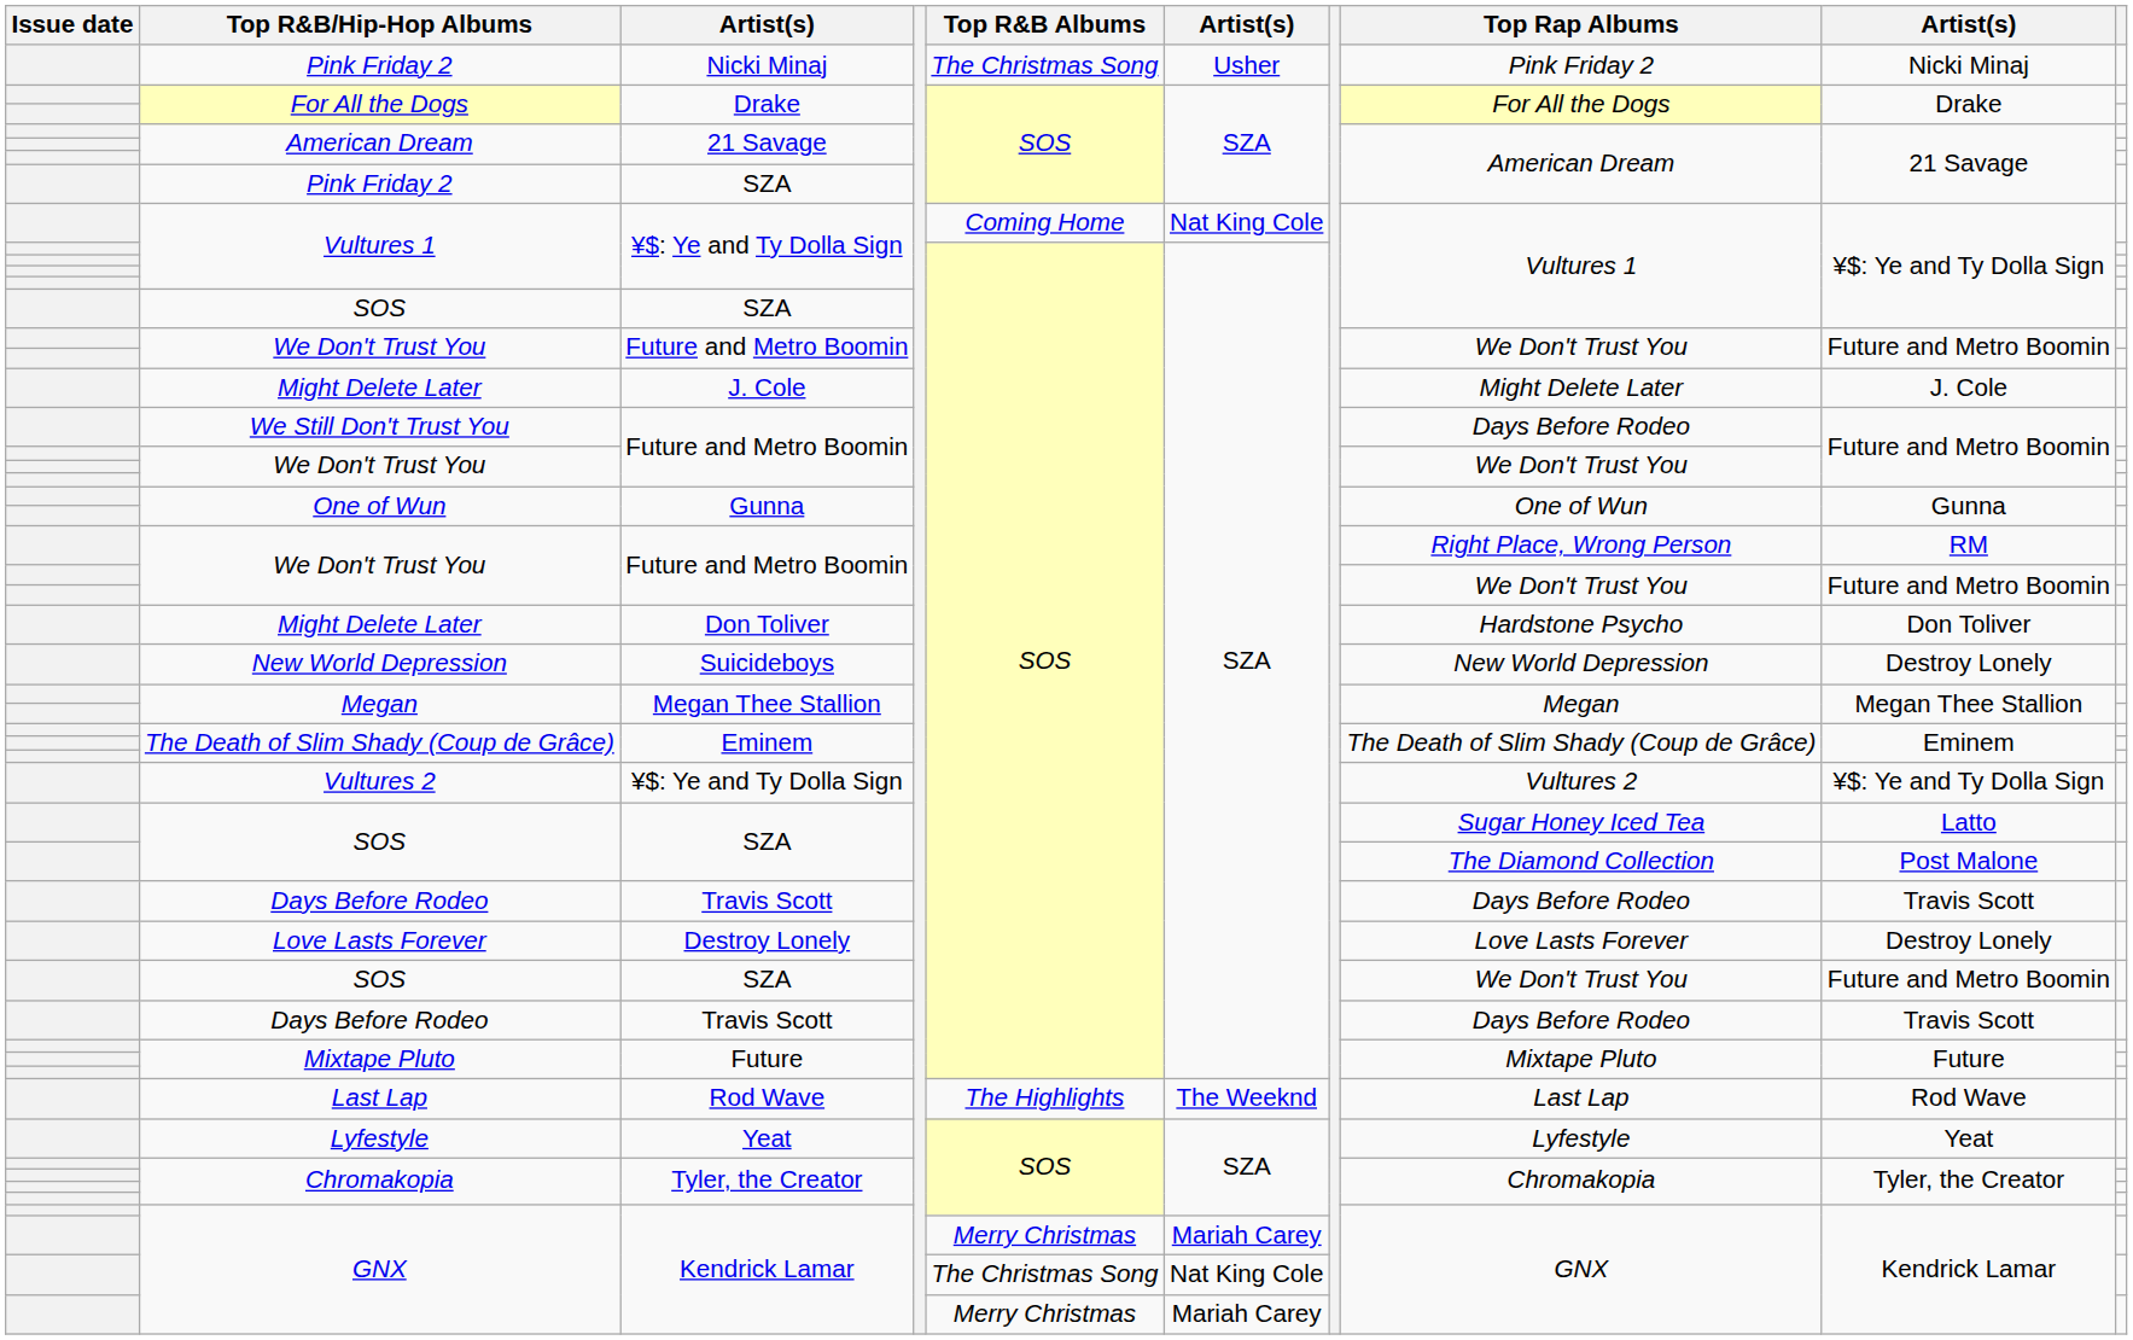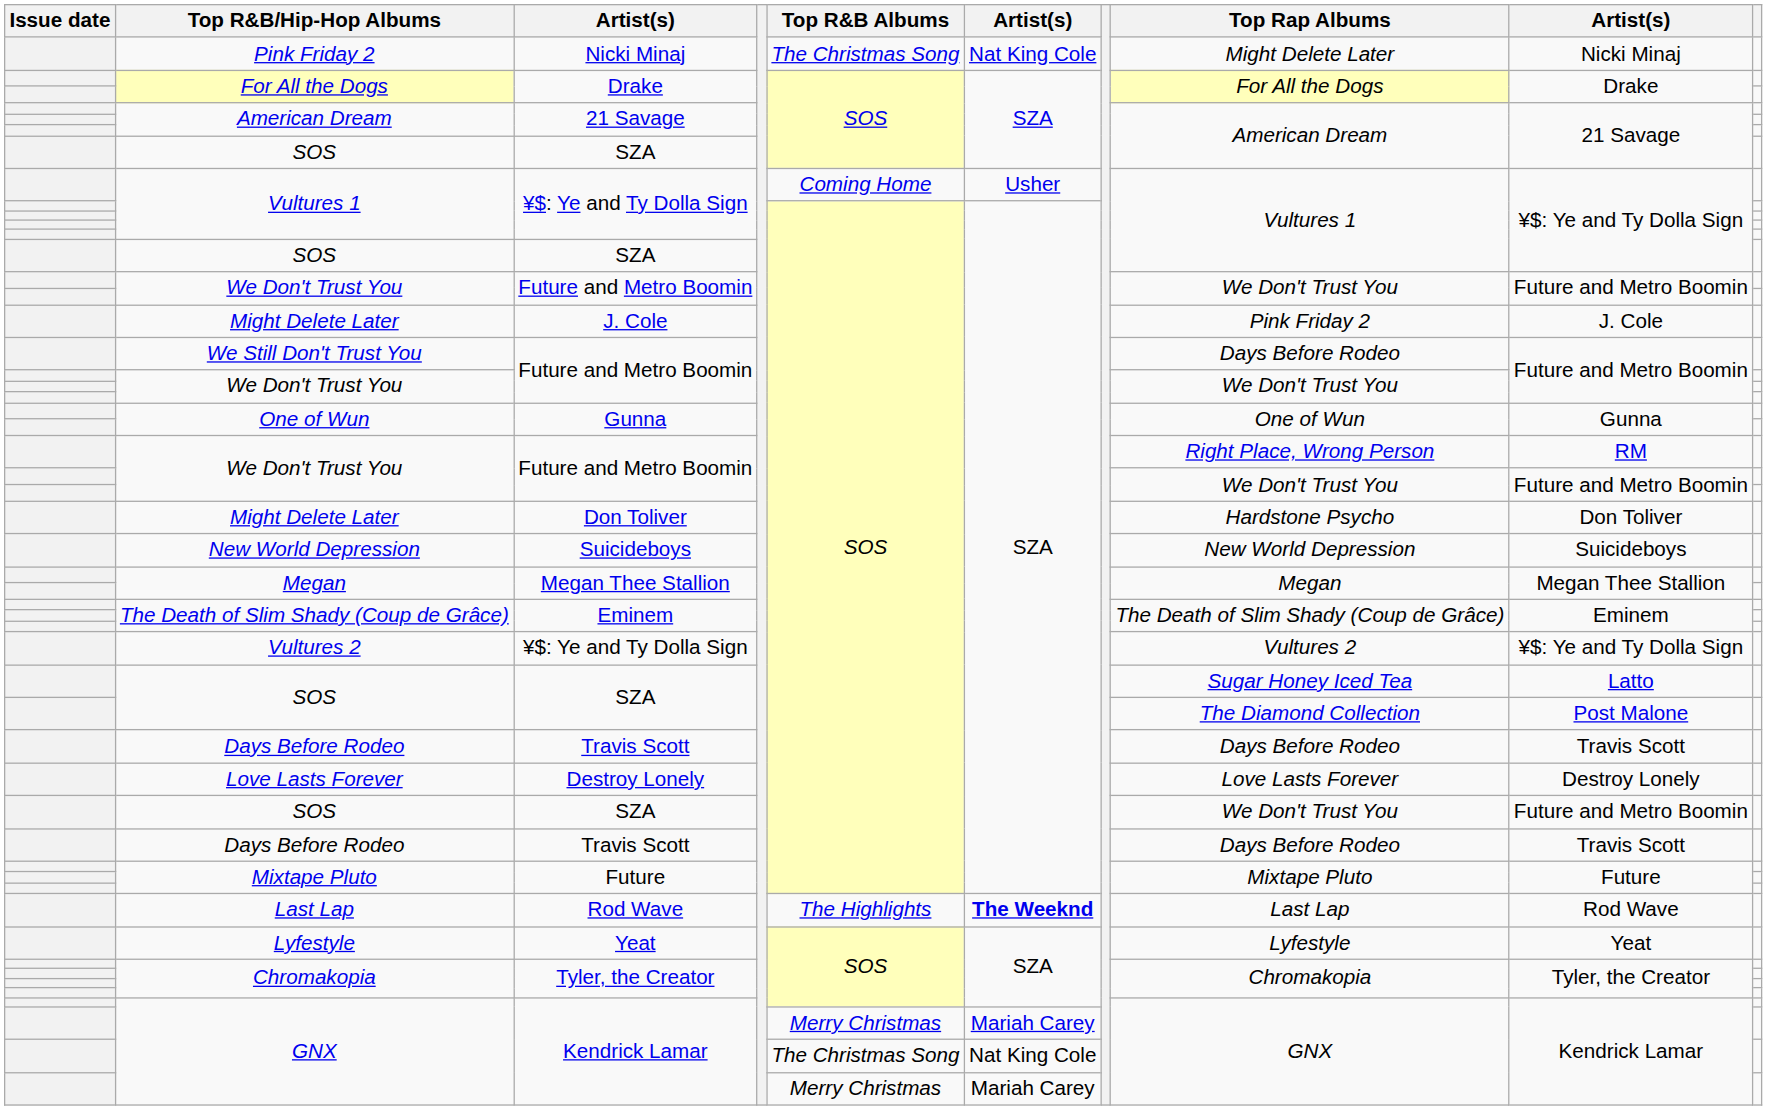 <table class="wikitable plainrowheaders" style="text-align:center;">
 <tr>
 <th scope="col">Issue date</th>
 <th scope="col">Top R&B/Hip-Hop Albums</th>
 <th scope="col">Artist(s)</th>
 <th rowspan="55"></th>
 <th scope="col">Top R&B Albums</th>
 <th scope="col">Artist(s)</th>
 <th rowspan="55"></th>
 <th scope="col">Top Rap Albums</th>
 <th scope="col">Artist(s)</th>
 <th scope="col"></th>
 </tr>
 <tr>
 <th scope="row"></th>
 <td><em><a href='#'>Pink Friday 2</a></em></td>
 <td><a href='#'>Nicki Minaj</a></td>
 <td><em><a href='#'>The Christmas Song</a></em></td>
-<td><a href='#'>Usher</a></td>
-<td><em>Pink Friday 2</em></td>
+<td><a href='#'>Nat King Cole</a></td>
+<td><em>Might Delete Later</em></td>
 <td>Nicki Minaj</td>
 <td></td>
 </tr>
 <tr>
 <th scope="row"></th>
 <td style="background-color:#FFFFBB" rowspan="2"><em><a href='#'>For All the Dogs</a></em> </td>
 <td rowspan="2"><a href='#'>Drake</a></td>
 <td style="background-color:#FFFFBB" rowspan="6"><a href='#'><em>SOS</em></a> </td>
 <td rowspan="6"><a href='#'>SZA</a></td>
 <td style="background-color:#FFFFBB" rowspan="2"><em>For All the Dogs</em> </td>
 <td rowspan="2">Drake</td>
 <td></td>
 </tr>
 <tr>
 <th scope="row"></th>
 <td></td>
 </tr>
 <tr>
 <th scope="row"></th>
 <td rowspan="3"><a href='#'><em>American Dream</em></a></td>
 <td rowspan="3"><a href='#'>21 Savage</a></td>
 <td rowspan="4"><em>American Dream</em></td>
 <td rowspan="4">21 Savage</td>
 <td></td>
 </tr>
 <tr>
 <th scope="row"></th>
 <td></td>
 </tr>
 <tr>
 <th scope="row"></th>
 <td></td>
 </tr>
 <tr>
 <th scope="row"></th>
-<td><em><a href='#'>Pink Friday 2</a></em></td>
+<td><em>SOS</em></td>
 <td>SZA</td>
 <td></td>
 </tr>
 <tr>
 <th scope="row"></th>
 <td rowspan="5"><em><a href='#'>Vultures 1</a></em></td>
 <td rowspan="5"><a href='#'>¥$</a>: <a href='#'>Ye</a> and <a href='#'>Ty Dolla Sign</a></td>
 <td><em><a href='#'>Coming Home</a></em></td>
-<td><a href='#'>Nat King Cole</a></td>
+<td><a href='#'>Usher</a></td>
 <td rowspan="6"><em>Vultures 1</em></td>
 <td rowspan="6">¥$: Ye and Ty Dolla Sign</td>
 <td></td>
 </tr>
 <tr>
 <th scope="row"></th>
 <td style="background-color:#FFFFBB" rowspan="34"><em>SOS</em> </td>
 <td rowspan="34">SZA</td>
 <td></td>
 </tr>
 <tr>
 <th scope="row"></th>
 <td></td>
 </tr>
 <tr>
 <th scope="row"></th>
 <td></td>
 </tr>
 <tr>
 <th scope="row"></th>
 <td></td>
 </tr>
 <tr>
 <th scope="row"></th>
 <td><em>SOS</em></td>
 <td>SZA</td>
 <td></td>
 </tr>
 <tr>
 <th scope="row"></th>
 <td rowspan="2"><em><a href='#'>We Don't Trust You</a></em></td>
 <td rowspan="2"><a href='#'>Future</a> and <a href='#'>Metro Boomin</a></td>
 <td rowspan="2"><em>We Don't Trust You</em></td>
 <td rowspan="2">Future and Metro Boomin</td>
 <td></td>
 </tr>
 <tr>
 <th scope="row"></th>
 <td></td>
 </tr>
 <tr>
 <th scope="row"></th>
 <td><em><a href='#'>Might Delete Later</a></em></td>
 <td><a href='#'>J. Cole</a></td>
-<td><em>Might Delete Later</em></td>
+<td><em>Pink Friday 2</em></td>
 <td>J. Cole</td>
 <td></td>
 </tr>
 <tr>
 <th scope="row"></th>
 <td><em><a href='#'>We Still Don't Trust You</a></em></td>
 <td rowspan="4">Future and Metro Boomin</td>
 <td><em>Days Before Rodeo</em></td>
 <td rowspan="4">Future and Metro Boomin</td>
 <td></td>
 </tr>
 <tr>
 <th scope="row"></th>
 <td rowspan="3"><em>We Don't Trust You</em></td>
 <td rowspan="3"><em>We Don't Trust You</em></td>
 <td></td>
 </tr>
 <tr>
 <th scope="row"></th>
 <td></td>
 </tr>
 <tr>
 <th scope="row"></th>
 <td></td>
 </tr>
 <tr>
 <th scope="row"></th>
 <td rowspan="2"><em><a href='#'>One of Wun</a></em></td>
 <td rowspan="2"><a href='#'>Gunna</a></td>
 <td rowspan="2"><em>One of Wun</em></td>
 <td rowspan="2">Gunna</td>
 <td></td>
 </tr>
 <tr>
 <th scope="row"></th>
 <td></td>
 </tr>
 <tr>
 <th scope="row"></th>
 <td rowspan="3"><em>We Don't Trust You</em></td>
 <td rowspan="3">Future and Metro Boomin</td>
 <td><em><a href='#'>Right Place, Wrong Person</a></em></td>
 <td><a href='#'>RM</a></td>
 <td></td>
 </tr>
 <tr>
 <th scope="row"></th>
 <td rowspan="2"><em>We Don't Trust You</em></td>
 <td rowspan="2">Future and Metro Boomin</td>
 <td></td>
 </tr>
 <tr>
 <th scope="row"></th>
 <td></td>
 </tr>
 <tr>
 <th scope="row"></th>
 <td><em><a href='#'>Might Delete Later</a></em></td>
 <td><a href='#'>Don Toliver</a></td>
 <td><em>Hardstone Psycho</em></td>
 <td>Don Toliver</td>
 <td></td>
 </tr>
 <tr>
 <th scope="row"></th>
 <td><em><a href='#'>New World Depression</a></em></td>
 <td><a href='#'>Suicideboys</a></td>
 <td><em>New World Depression</em></td>
-<td>Destroy Lonely</td>
+<td>Suicideboys</td>
 <td></td>
 </tr>
 <tr>
 <th scope="row"></th>
 <td rowspan="2"><em><a href='#'>Megan</a></em></td>
 <td rowspan="2"><a href='#'>Megan Thee Stallion</a></td>
 <td rowspan="2"><em>Megan</em></td>
 <td rowspan="2">Megan Thee Stallion</td>
 <td></td>
 </tr>
 <tr>
 <th scope="row"></th>
 <td></td>
 </tr>
 <tr>
 <th scope="row"></th>
 <td rowspan="3"><em><a href='#'>The Death of Slim Shady (Coup de Grâce)</a></em></td>
 <td rowspan="3"><a href='#'>Eminem</a></td>
 <td rowspan="3"><em>The Death of Slim Shady (Coup de Grâce)</em></td>
 <td rowspan="3">Eminem</td>
 <td></td>
 </tr>
 <tr>
 <th scope="row"></th>
 <td></td>
 </tr>
 <tr>
 <th scope="row"></th>
 <td></td>
 </tr>
 <tr>
 <th scope="row"></th>
 <td><em><a href='#'>Vultures 2</a></em></td>
 <td>¥$: Ye and Ty Dolla Sign</td>
 <td><em>Vultures 2</em></td>
 <td>¥$: Ye and Ty Dolla Sign</td>
 <td></td>
 </tr>
 <tr>
 <th scope="row"></th>
 <td rowspan="2"><em>SOS</em></td>
 <td rowspan="2">SZA</td>
 <td><em><a href='#'>Sugar Honey Iced Tea</a></em></td>
 <td><a href='#'>Latto</a></td>
 <td></td>
 </tr>
 <tr>
 <th scope="row"></th>
 <td><em><a href='#'>The Diamond Collection</a></em></td>
 <td><a href='#'>Post Malone</a></td>
 <td></td>
 </tr>
 <tr>
 <th scope="row"></th>
 <td><em><a href='#'>Days Before Rodeo</a></em></td>
 <td><a href='#'>Travis Scott</a></td>
 <td><em>Days Before Rodeo</em></td>
 <td>Travis Scott</td>
 <td></td>
 </tr>
 <tr>
 <th scope="row"></th>
 <td><em><a href='#'>Love Lasts Forever</a></em></td>
 <td><a href='#'>Destroy Lonely</a></td>
 <td><em>Love Lasts Forever</em></td>
 <td>Destroy Lonely</td>
 <td></td>
 </tr>
 <tr>
 <th scope="row"></th>
 <td><em>SOS</em></td>
 <td>SZA</td>
 <td><em>We Don't Trust You</em></td>
 <td>Future and Metro Boomin</td>
 <td></td>
 </tr>
 <tr>
 <th scope="row"></th>
 <td><em>Days Before Rodeo</em></td>
 <td>Travis Scott</td>
 <td><em>Days Before Rodeo</em></td>
 <td>Travis Scott</td>
 <td></td>
 </tr>
 <tr>
 <th scope="row"></th>
 <td rowspan="3"><em><a href='#'>Mixtape Pluto</a></em></td>
 <td rowspan="3">Future</td>
 <td rowspan="3"><em>Mixtape Pluto</em></td>
 <td rowspan="3">Future</td>
 <td></td>
 </tr>
 <tr>
 <th scope="row"></th>
 <td></td>
 </tr>
 <tr>
 <th scope="row"></th>
 <td></td>
 </tr>
 <tr>
 <th scope="row"></th>
 <td><em><a href='#'>Last Lap</a></em></td>
 <td><a href='#'>Rod Wave</a></td>
 <td><em><a href='#'>The Highlights</a></em></td>
-<td><a href='#'>The Weeknd</a></td>
+<td><strong><a href='#'>The Weeknd</a></strong></td>
 <td><em>Last Lap</em></td>
 <td>Rod Wave</td>
 <td></td>
 </tr>
 <tr>
 <th scope="row"></th>
 <td><em><a href='#'>Lyfestyle</a></em></td>
 <td><a href='#'>Yeat</a></td>
 <td style="background-color:#FFFFBB" rowspan="6"><em>SOS</em> </td>
 <td rowspan="6">SZA</td>
 <td><em>Lyfestyle</em></td>
 <td>Yeat</td>
 <td></td>
 </tr>
 <tr>
 <th scope="row"></th>
 <td rowspan="4"><em><a href='#'>Chromakopia</a></em></td>
 <td rowspan="4"><a href='#'>Tyler, the Creator</a></td>
 <td rowspan="4"><em>Chromakopia</em></td>
 <td rowspan="4">Tyler, the Creator</td>
 <td></td>
 </tr>
 <tr>
 <th scope="row"></th>
 <td></td>
 </tr>
 <tr>
 <th scope="row"></th>
 <td></td>
 </tr>
 <tr>
 <th scope="row"></th>
 <td></td>
 </tr>
 <tr>
 <th scope="row"></th>
 <td rowspan="4"><em><a href='#'>GNX</a></em></td>
 <td rowspan="4"><a href='#'>Kendrick Lamar</a></td>
 <td rowspan="4"><em>GNX</em></td>
 <td rowspan="4">Kendrick Lamar</td>
 <td></td>
 </tr>
 <tr>
 <th scope="row"></th>
 <td><em><a href='#'>Merry Christmas</a></em></td>
 <td><a href='#'>Mariah Carey</a></td>
 <td></td>
 </tr>
 <tr>
 <th scope="row"></th>
 <td><em>The Christmas Song</em></td>
 <td>Nat King Cole</td>
 <td></td>
 </tr>
 <tr>
 <th scope="row"></th>
 <td><em>Merry Christmas</em></td>
 <td>Mariah Carey</td>
 <td></td>
 </tr>
 </table>
